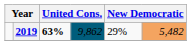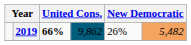 <table class="wikitable" style="width:400; font-size:90%; margin-left:1em;">
 <tr>
 <th colspan="2" scope="col">Year</th>
 <th colspan="2" scope="col"><a href='#'>United Cons.</a></th>
 <th colspan="2" scope="col"><a href='#'>New Democratic</a></th>
 </tr>
 <tr>
 <td style="width: 0.25em; background-color: "></td>
 <th><a href='#'>2019</a></th>
-<td><strong>63%</strong></td>
+<td><strong>66%</strong></td>
 <td style="text-align:right; background:#005D7C;"><em>9,862</em></td>
-<td>29%</td>
+<td>26%</td>
 <td style="text-align:right; background:#F4A460;"><em>5,482</em></td>
 </tr>
 <tr>
 </tr>
 </table>
